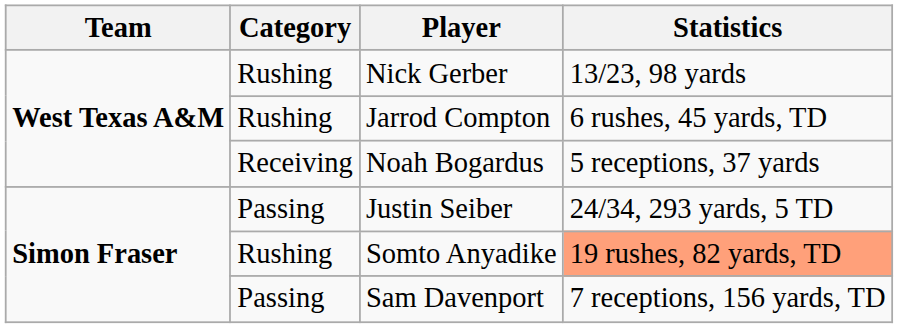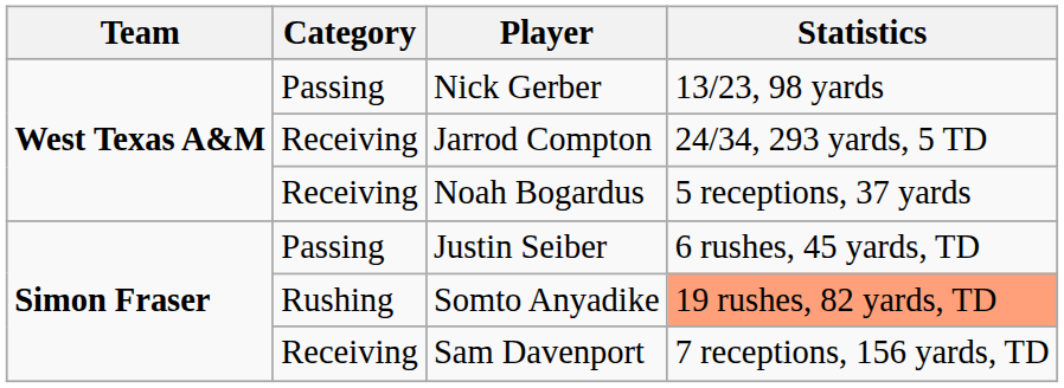 <table class="wikitable" style="float: right;">
 <tr>
 <th>Team</th>
 <th>Category</th>
 <th>Player</th>
 <th>Statistics</th>
 </tr>
 <tr>
 <td rowspan=3><strong>West Texas A&M</strong></td>
-<td>Rushing</td>
+<td>Passing</td>
 <td>Nick Gerber</td>
 <td>13/23, 98 yards</td>
 </tr>
 <tr>
-<td>Rushing</td>
+<td>Receiving</td>
 <td>Jarrod Compton</td>
-<td>6 rushes, 45 yards, TD</td>
+<td>24/34, 293 yards, 5 TD</td>
 </tr>
 <tr>
 <td>Receiving</td>
 <td>Noah Bogardus</td>
 <td>5 receptions, 37 yards</td>
 </tr>
 <tr>
 <td rowspan=3><strong>Simon Fraser</strong></td>
 <td>Passing</td>
 <td>Justin Seiber</td>
-<td>24/34, 293 yards, 5 TD</td>
+<td>6 rushes, 45 yards, TD</td>
 </tr>
 <tr>
 <td>Rushing</td>
 <td>Somto Anyadike</td>
 <td style="background: lightsalmon;">19 rushes, 82 yards, TD</td>
 </tr>
 <tr>
-<td>Passing</td>
+<td>Receiving</td>
 <td>Sam Davenport</td>
 <td>7 receptions, 156 yards, TD</td>
 </tr>
 </table>
